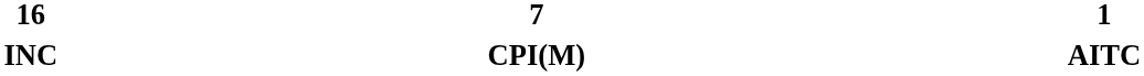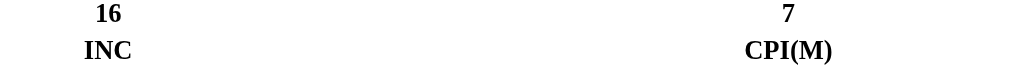 <table style="width:65%; text-align:center;">
 <tr>
 <td style="background:"><strong>16</strong></td>
 <td style="background:"><strong>7</strong></td>
-<td style="background:"><strong>1</strong></td>
 </tr>
 <tr>
 <td><span><strong>INC</strong></span></td>
 <td><span><strong>CPI(M)</strong></span></td>
-<td><span><strong>AITC</strong></span></td>
 </tr>
 </table>
